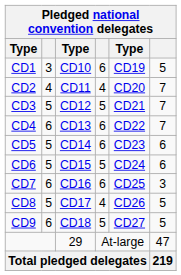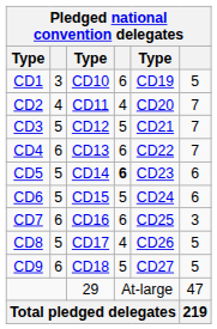 <table class="wikitable sortable" style="font-size:90%;text-align:center;float:right;padding:5px;">
 <tr>
 <th colspan="6">Pledged <a href='#'>national<br>convention</a> delegates</th>
 </tr>
 <tr>
 <th>Type</th>
 <th></th>
 <th>Type</th>
 <th></th>
 <th>Type</th>
 <th></th>
 </tr>
 <tr>
 <td><a href='#'>CD1</a></td>
 <td>3</td>
 <td><a href='#'>CD10</a></td>
 <td>6</td>
 <td><a href='#'>CD19</a></td>
 <td>5</td>
 </tr>
 <tr>
 <td><a href='#'>CD2</a></td>
 <td>4</td>
 <td><a href='#'>CD11</a></td>
 <td>4</td>
 <td><a href='#'>CD20</a></td>
 <td>7</td>
 </tr>
 <tr>
 <td><a href='#'>CD3</a></td>
 <td>5</td>
 <td><a href='#'>CD12</a></td>
 <td>5</td>
 <td><a href='#'>CD21</a></td>
 <td>7</td>
 </tr>
 <tr>
 <td><a href='#'>CD4</a></td>
 <td>6</td>
 <td><a href='#'>CD13</a></td>
 <td>6</td>
 <td><a href='#'>CD22</a></td>
 <td>7</td>
 </tr>
 <tr>
 <td><a href='#'>CD5</a></td>
 <td>5</td>
 <td><a href='#'>CD14</a></td>
-<td>6</td>
+<td><strong>6</strong></td>
 <td><a href='#'>CD23</a></td>
 <td>6</td>
 </tr>
 <tr>
 <td><a href='#'>CD6</a></td>
 <td>5</td>
 <td><a href='#'>CD15</a></td>
 <td>5</td>
 <td><a href='#'>CD24</a></td>
 <td>6</td>
 </tr>
 <tr>
 <td><a href='#'>CD7</a></td>
 <td>6</td>
 <td><a href='#'>CD16</a></td>
 <td>6</td>
 <td><a href='#'>CD25</a></td>
 <td>3</td>
 </tr>
 <tr>
 <td><a href='#'>CD8</a></td>
 <td>5</td>
 <td><a href='#'>CD17</a></td>
 <td>4</td>
 <td><a href='#'>CD26</a></td>
 <td>5</td>
 </tr>
 <tr>
 <td><a href='#'>CD9</a></td>
 <td>6</td>
 <td><a href='#'>CD18</a></td>
 <td>5</td>
 <td><a href='#'>CD27</a></td>
 <td>5</td>
 </tr>
 <tr>
 <td colspan=2></td>
 <td>29</td>
 <td colspan=2>At-large</td>
 <td>47</td>
 </tr>
 <tr>
 <th colspan=5>Total pledged delegates</th>
 <th>219</th>
 </tr>
 </table>
